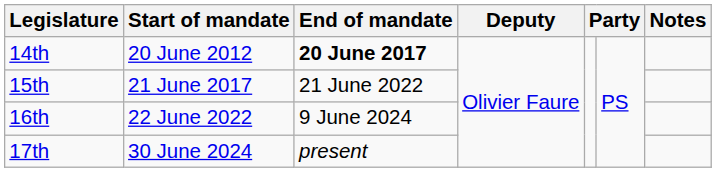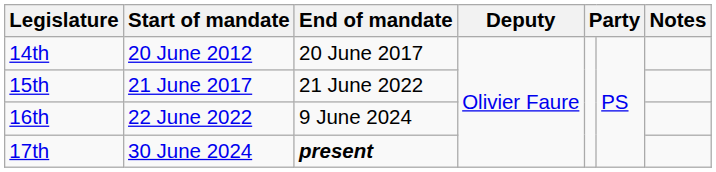 <table class="wikitable">
 <tr>
 <th>Legislature</th>
 <th>Start of mandate</th>
 <th>End of mandate</th>
 <th>Deputy</th>
 <th colspan="2">Party</th>
 <th>Notes</th>
 </tr>
 <tr>
 <td><a href='#'>14th</a></td>
 <td><a href='#'>20 June 2012</a></td>
-<td><strong>20 June 2017</strong></td>
+<td>20 June 2017</td>
 <td rowspan="4"><a href='#'>Olivier Faure</a></td>
 <td rowspan="4" style="background-color: "></td>
 <td rowspan="4"><a href='#'>PS</a></td>
 <td></td>
 </tr>
 <tr>
 <td><a href='#'>15th</a></td>
 <td><a href='#'>21 June 2017</a></td>
 <td>21 June 2022</td>
 <td></td>
 </tr>
 <tr>
 <td><a href='#'>16th</a></td>
 <td><a href='#'>22 June 2022</a></td>
 <td>9 June 2024</td>
 <td></td>
 </tr>
 <tr>
 <td><a href='#'>17th</a></td>
 <td><a href='#'>30 June 2024</a></td>
-<td><em>present</em></td>
+<td><strong><em>present</em></strong></td>
 <td></td>
 </tr>
 </table>
